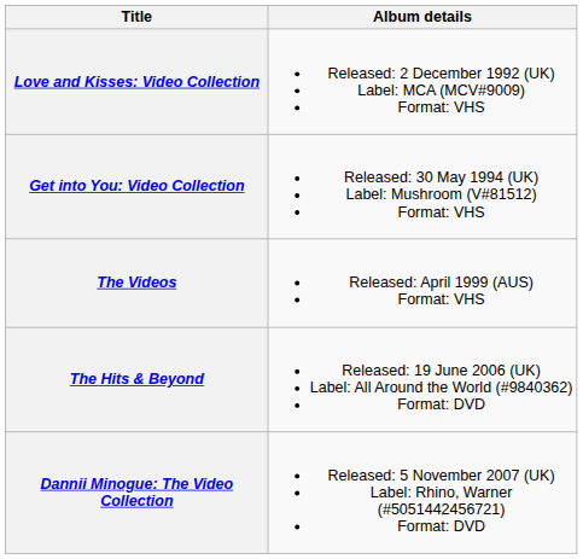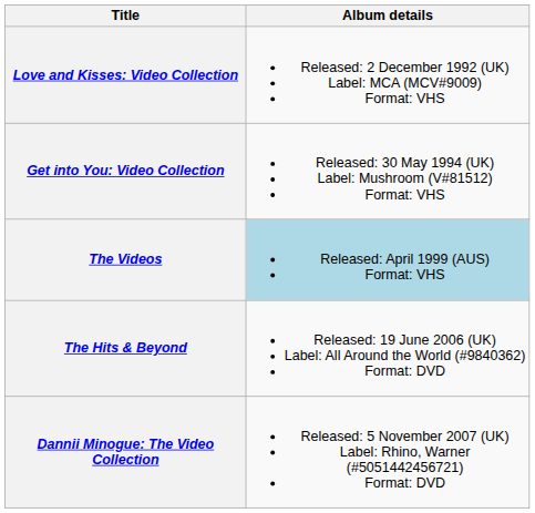 <table class="wikitable plainrowheaders" style="text-align:center;">
 <tr>
 <th scope="col" style="width:17em;">Title</th>
 <th scope="col" style="width:20em;">Album details</th>
 </tr>
 <tr>
 <th scope="row"><em><a href='#'>Love and Kisses: Video Collection</a></em></th>
 <td><br><ul><li>Released: 2 December 1992 <span>(UK)</span></li><li>Label: MCA <span>(MCV#9009)</span></li><li>Format: VHS</li></ul></td>
 </tr>
 <tr>
 <th scope="row"><em><a href='#'>Get into You: Video Collection</a></em></th>
 <td><br><ul><li>Released: 30 May 1994 <span>(UK)</span></li><li>Label: Mushroom <span>(V#81512)</span></li><li>Format: VHS</li></ul></td>
 </tr>
 <tr>
 <th scope="row"><em><a href='#'>The Videos</a></em></th>
-<td><br><ul><li>Released: April 1999 <span>(AUS)</span></li><li>Format: VHS</li></ul></td>
+<td style="background: lightblue;"><br><ul><li>Released: April 1999 <span>(AUS)</span></li><li>Format: VHS</li></ul></td>
 </tr>
 <tr>
 <th scope="row"><em><a href='#'>The Hits & Beyond</a></em></th>
 <td><br><ul><li>Released: 19 June 2006 <span>(UK)</span></li><li>Label: All Around the World <span>(#9840362)</span></li><li>Format: DVD</li></ul></td>
 </tr>
 <tr>
 <th scope="row"><em><a href='#'>Dannii Minogue: The Video Collection</a></em></th>
 <td><br><ul><li>Released: 5 November 2007 <span>(UK)</span></li><li>Label: Rhino, Warner <span>(#5051442456721)</span></li><li>Format: DVD</li></ul></td>
 </tr>
 </table>
